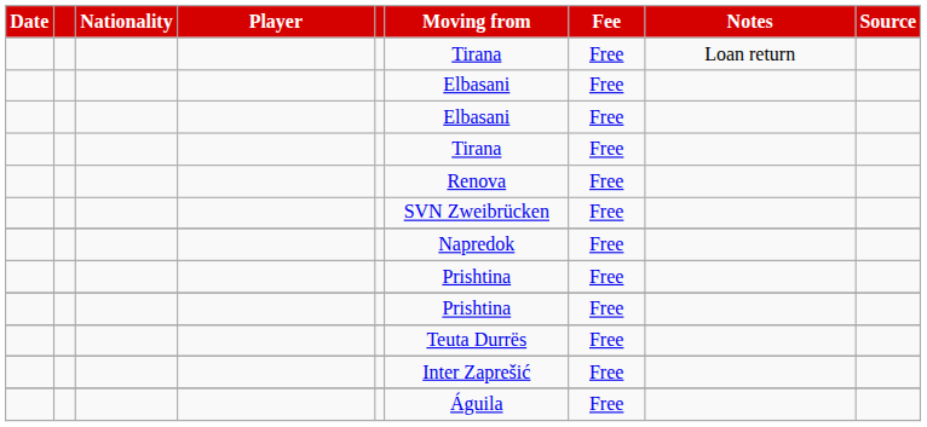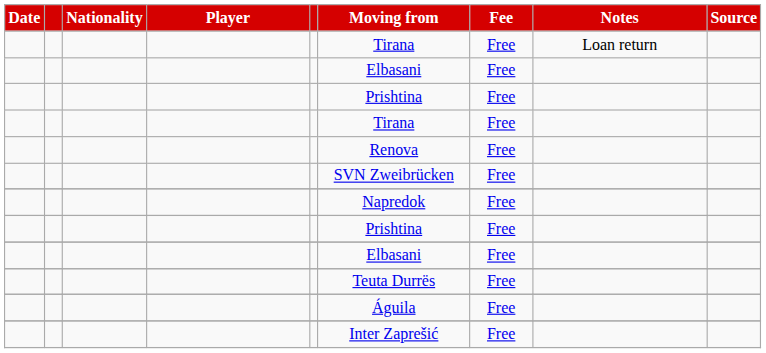 <table class="wikitable"  style="text-align:center; font-size:90%; ">
 <tr>
 <th style="background:#d50000; color:white; width:15px;">Date</th>
 <th style="background:#d50000; color:white; width:10px;"></th>
 <th style="background:#d50000; color:white; width:10px;">Nationality</th>
 <th style="background:#d50000; color:white; width:140px;">Player</th>
 <th style="background:#d50000; color:white; width:1px;"></th>
 <th style="background:#d50000; color:white; width:130px;">Moving from</th>
 <th style="background:#d50000; color:white; width:50px;">Fee</th>
 <th style="background:#d50000; color:white; width:150px;">Notes</th>
 <th style="background:#d50000; color:white; width:25px;">Source</th>
 </tr>
 <tr>
 <td></td>
 <td align=center></td>
 <td></td>
 <td></td>
 <td></td>
 <td><a href='#'>Tirana</a></td>
 <td align=center><a href='#'>Free</a></td>
 <td align=center>Loan return</td>
 <td align=center></td>
 </tr>
 <tr>
 <td></td>
 <td align=center></td>
 <td></td>
 <td></td>
 <td></td>
 <td><a href='#'>Elbasani</a></td>
 <td align=center><a href='#'>Free</a></td>
 <td align=center></td>
 <td align=center></td>
 </tr>
 <tr>
 <td></td>
 <td align=center></td>
 <td></td>
 <td></td>
 <td></td>
-<td><a href='#'>Elbasani</a></td>
+<td><a href='#'>Prishtina</a></td>
 <td align=center><a href='#'>Free</a></td>
 <td align=center></td>
 <td align=center></td>
 </tr>
 <tr>
 <td></td>
 <td align=center></td>
 <td></td>
 <td></td>
 <td></td>
 <td><a href='#'>Tirana</a></td>
 <td align=center><a href='#'>Free</a></td>
 <td align=center></td>
 <td align=center></td>
 </tr>
 <tr>
 <td></td>
 <td align=center></td>
 <td></td>
 <td></td>
 <td></td>
 <td><a href='#'>Renova</a></td>
 <td align=center><a href='#'>Free</a></td>
 <td align=center></td>
 <td align=center></td>
 </tr>
 <tr>
 <td></td>
 <td align=center></td>
 <td></td>
 <td></td>
 <td></td>
 <td><a href='#'>SVN Zweibrücken</a></td>
 <td align=center><a href='#'>Free</a></td>
 <td align=center></td>
 <td align=center></td>
 </tr>
 <tr>
 </tr>
 <tr>
 <td></td>
 <td align=center></td>
 <td></td>
 <td></td>
 <td></td>
 <td><a href='#'>Napredok</a></td>
 <td align=center><a href='#'>Free</a></td>
 <td align=center></td>
 <td align=center></td>
 </tr>
 <tr>
 </tr>
 <tr>
 <td></td>
 <td align=center></td>
 <td></td>
 <td></td>
 <td></td>
 <td><a href='#'>Prishtina</a></td>
 <td align=center><a href='#'>Free</a></td>
 <td align=center></td>
 <td align=center></td>
 </tr>
 <tr>
 </tr>
 <tr>
 <td></td>
 <td align=center></td>
 <td></td>
 <td></td>
 <td></td>
-<td><a href='#'>Prishtina</a></td>
+<td><a href='#'>Elbasani</a></td>
 <td align=center><a href='#'>Free</a></td>
 <td align=center></td>
 <td align=center></td>
 </tr>
 <tr>
 </tr>
 <tr>
 <td></td>
 <td align=center></td>
 <td></td>
 <td></td>
 <td></td>
 <td><a href='#'>Teuta Durrës</a></td>
 <td align=center><a href='#'>Free</a></td>
 <td align=center></td>
 <td align=center></td>
 </tr>
 <tr>
 </tr>
 <tr>
 <td></td>
 <td align=center></td>
 <td></td>
 <td></td>
 <td></td>
-<td><a href='#'>Inter Zaprešić</a></td>
+<td><a href='#'>Águila</a></td>
 <td align=center><a href='#'>Free</a></td>
 <td align=center></td>
 <td align=center></td>
 </tr>
 <tr>
 </tr>
 <tr>
 <td></td>
 <td align=center></td>
 <td></td>
 <td></td>
 <td></td>
-<td><a href='#'>Águila</a></td>
+<td><a href='#'>Inter Zaprešić</a></td>
 <td align=center><a href='#'>Free</a></td>
 <td align=center></td>
 <td align=center></td>
 </tr>
 <tr>
 </tr>
 <tr>
 </tr>
 </table>
